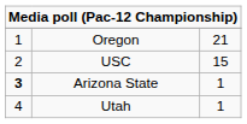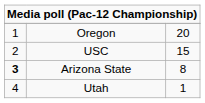 <table class="wikitable" style="display: inline-table;">
 <tr align="center">
 <td align="center" Colspan="3"><strong>Media poll (Pac-12 Championship)</strong></td>
 </tr>
 <tr align="center">
 </tr>
 <tr align="center">
 <td>1</td>
 <td>Oregon</td>
-<td>21</td>
+<td>20</td>
 </tr>
 <tr align="center">
 <td>2</td>
 <td>USC</td>
 <td>15</td>
 </tr>
 <tr align="center">
 <td><strong>3</strong></td>
 <td>Arizona State</td>
-<td>1</td>
+<td>8</td>
 </tr>
 <tr align="center">
 <td>4</td>
 <td>Utah</td>
 <td>1</td>
 </tr>
 </table>
